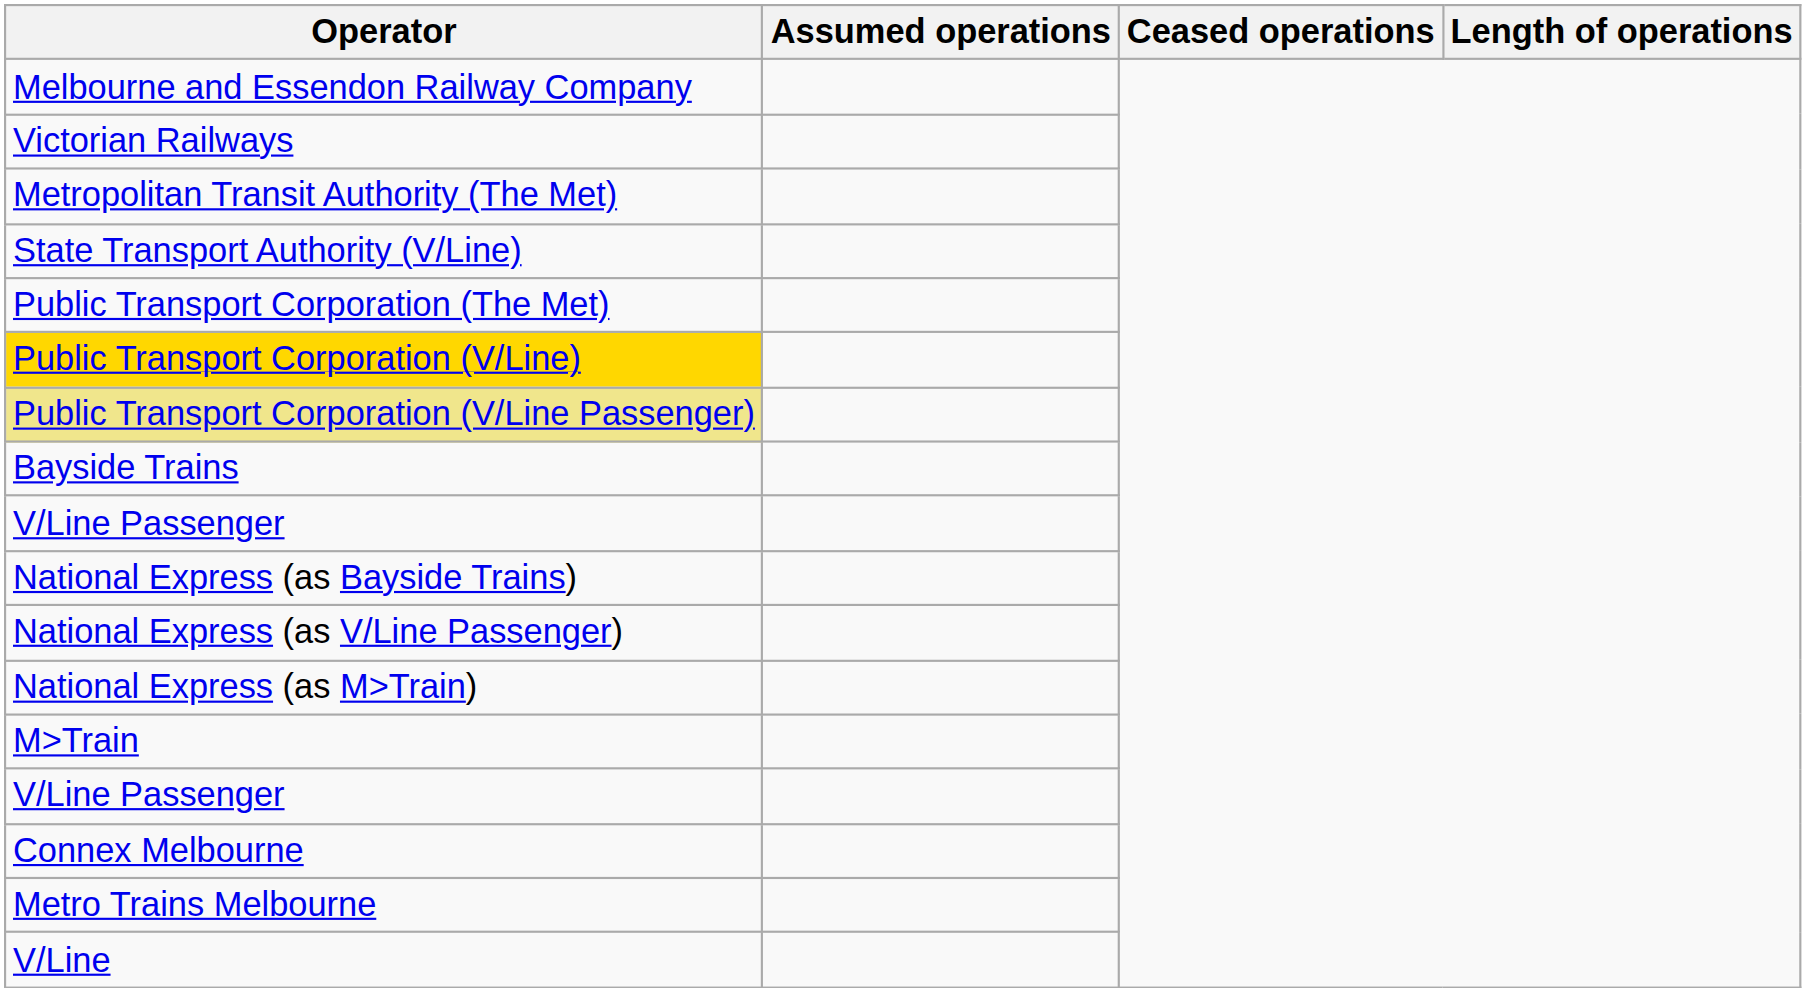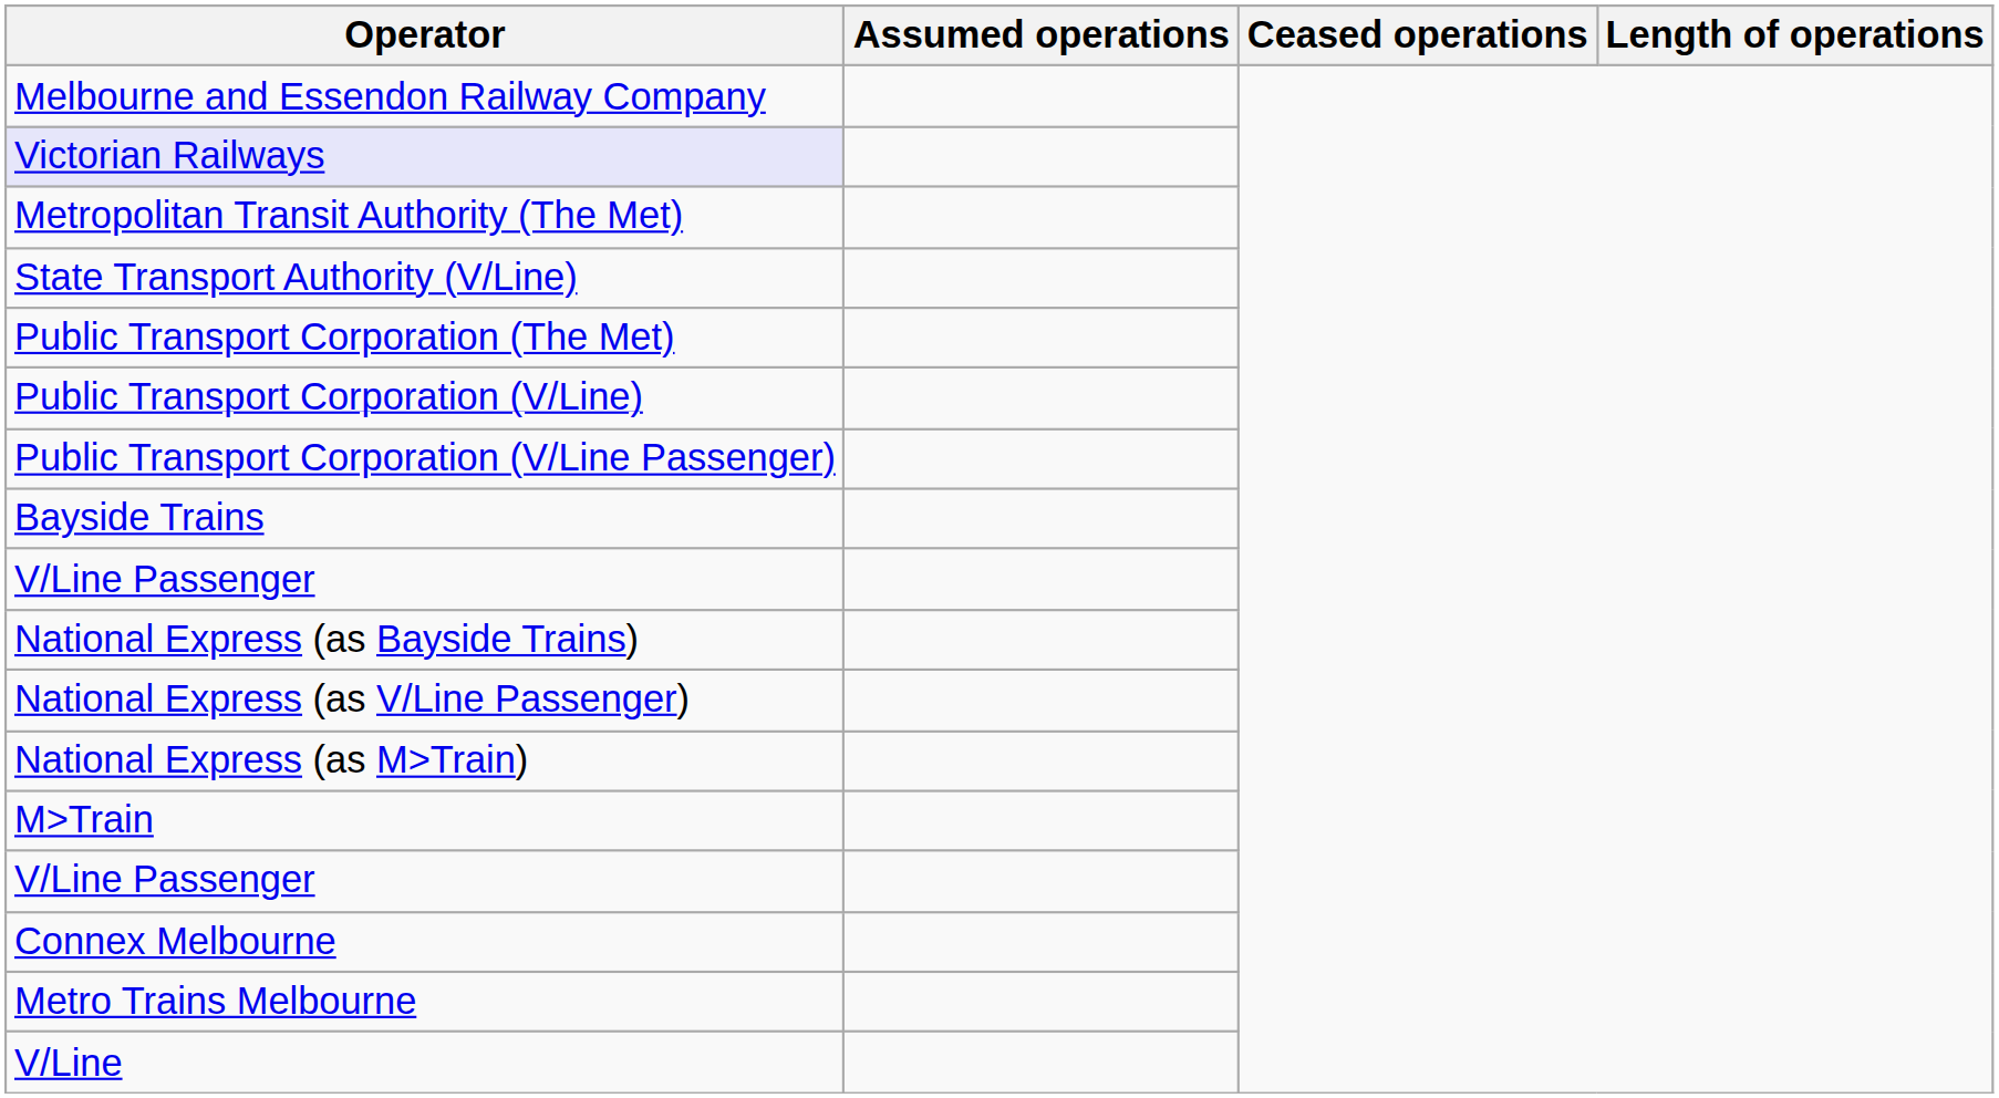 <table class="wikitable">
 <tr>
 <th>Operator</th>
 <th>Assumed operations</th>
 <th>Ceased operations</th>
 <th>Length of operations</th>
 </tr>
 <tr>
 <td><a href='#'>Melbourne and Essendon Railway Company</a></td>
 <td></td>
 </tr>
 <tr>
-<td><a href='#'>Victorian Railways</a></td>
+<td style="background: lavender;"><a href='#'>Victorian Railways</a></td>
 <td></td>
 </tr>
 <tr>
 <td><a href='#'>Metropolitan Transit Authority (The Met)</a></td>
 <td></td>
 </tr>
 <tr>
 <td><a href='#'>State Transport Authority (V/Line)</a></td>
 <td></td>
 </tr>
 <tr>
 <td><a href='#'>Public Transport Corporation (The Met)</a></td>
 <td></td>
 </tr>
 <tr>
-<td style="background: gold;"><a href='#'>Public Transport Corporation (V/Line)</a></td>
+<td><a href='#'>Public Transport Corporation (V/Line)</a></td>
 <td></td>
 </tr>
 <tr>
-<td style="background: khaki;"><a href='#'>Public Transport Corporation (V/Line Passenger)</a></td>
+<td><a href='#'>Public Transport Corporation (V/Line Passenger)</a></td>
 <td></td>
 </tr>
 <tr>
 <td><a href='#'>Bayside Trains</a></td>
 <td></td>
 </tr>
 <tr>
 <td><a href='#'>V/Line Passenger</a></td>
 <td></td>
 </tr>
 <tr>
 <td><a href='#'>National Express</a> (as <a href='#'>Bayside Trains</a>)</td>
 <td></td>
 </tr>
 <tr>
 <td><a href='#'>National Express</a> (as <a href='#'>V/Line Passenger</a>)</td>
 <td></td>
 </tr>
 <tr>
 <td><a href='#'>National Express</a> (as <a href='#'>M>Train</a>)</td>
 <td></td>
 </tr>
 <tr>
 <td><a href='#'>M>Train</a></td>
 <td></td>
 </tr>
 <tr>
 <td><a href='#'>V/Line Passenger</a></td>
 <td></td>
 </tr>
 <tr>
 <td><a href='#'>Connex Melbourne</a></td>
 <td></td>
 </tr>
 <tr>
 <td><a href='#'>Metro Trains Melbourne</a></td>
 <td></td>
 </tr>
 <tr>
 <td><a href='#'>V/Line</a></td>
 <td></td>
 </tr>
 </table>
